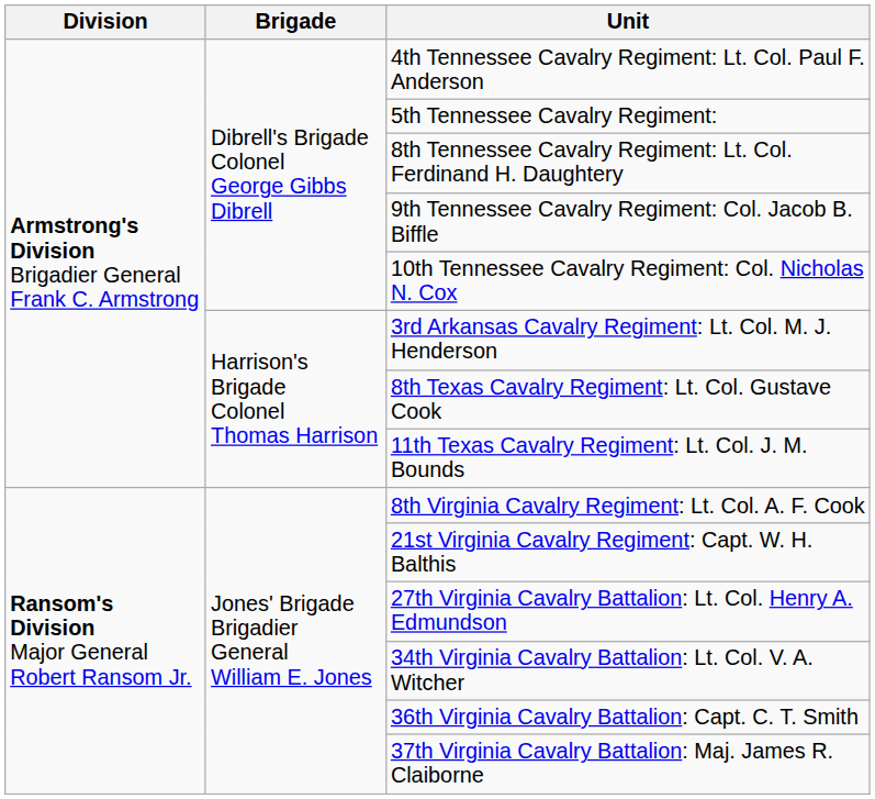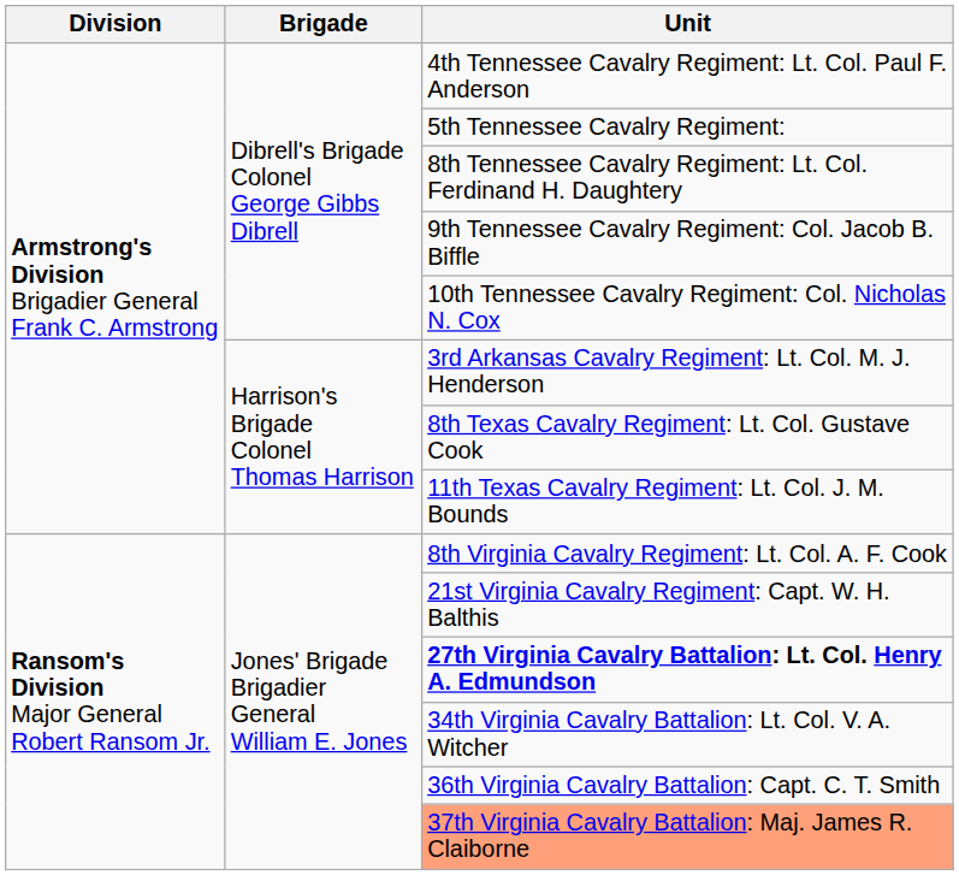 <table class="wikitable" style="text-align:left; width:72%;">
 <tr>
 <th>Division</th>
 <th>Brigade</th>
 <th>Unit</th>
 </tr>
 <tr>
 <td rowspan=8><strong>Armstrong's Division</strong><br>Brigadier General<br><a href='#'>Frank C. Armstrong</a></td>
 <td rowspan=5>Dibrell's Brigade<br>Colonel<br><a href='#'>George Gibbs Dibrell</a></td>
 <td>4th Tennessee Cavalry Regiment: Lt. Col. Paul F. Anderson</td>
 </tr>
 <tr>
 <td>5th Tennessee Cavalry Regiment:</td>
 </tr>
 <tr>
 <td>8th Tennessee Cavalry Regiment: Lt. Col. Ferdinand H. Daughtery</td>
 </tr>
 <tr>
 <td>9th Tennessee Cavalry Regiment: Col. Jacob B. Biffle</td>
 </tr>
 <tr>
 <td>10th Tennessee Cavalry Regiment: Col. <a href='#'>Nicholas N. Cox</a></td>
 </tr>
 <tr>
 <td rowspan=3>Harrison's Brigade<br>Colonel<br><a href='#'>Thomas Harrison</a></td>
 <td><a href='#'>3rd Arkansas Cavalry Regiment</a>: Lt. Col. M. J. Henderson</td>
 </tr>
 <tr>
 <td><a href='#'>8th Texas Cavalry Regiment</a>: Lt. Col. Gustave Cook</td>
 </tr>
 <tr>
 <td><a href='#'>11th Texas Cavalry Regiment</a>: Lt. Col. J. M. Bounds</td>
 </tr>
 <tr>
 <td rowspan=6><strong>Ransom's Division</strong><br>Major General<br><a href='#'>Robert Ransom Jr.</a></td>
 <td rowspan=6>Jones' Brigade<br>Brigadier General<br><a href='#'>William E. Jones</a></td>
 <td><a href='#'>8th Virginia Cavalry Regiment</a>: Lt. Col. A. F. Cook</td>
 </tr>
 <tr>
 <td><a href='#'>21st Virginia Cavalry Regiment</a>: Capt. W. H. Balthis</td>
 </tr>
 <tr>
-<td><a href='#'>27th Virginia Cavalry Battalion</a>: Lt. Col. <a href='#'>Henry A. Edmundson</a></td>
+<td><strong><a href='#'>27th Virginia Cavalry Battalion</a>: Lt. Col. <a href='#'>Henry A. Edmundson</a></strong></td>
 </tr>
 <tr>
 <td><a href='#'>34th Virginia Cavalry Battalion</a>: Lt. Col. V. A. Witcher</td>
 </tr>
 <tr>
 <td><a href='#'>36th Virginia Cavalry Battalion</a>: Capt. C. T. Smith</td>
 </tr>
 <tr>
-<td><a href='#'>37th Virginia Cavalry Battalion</a>: Maj. James R. Claiborne</td>
+<td style="background: lightsalmon;"><a href='#'>37th Virginia Cavalry Battalion</a>: Maj. James R. Claiborne</td>
 </tr>
 <tr>
 </tr>
 </table>
